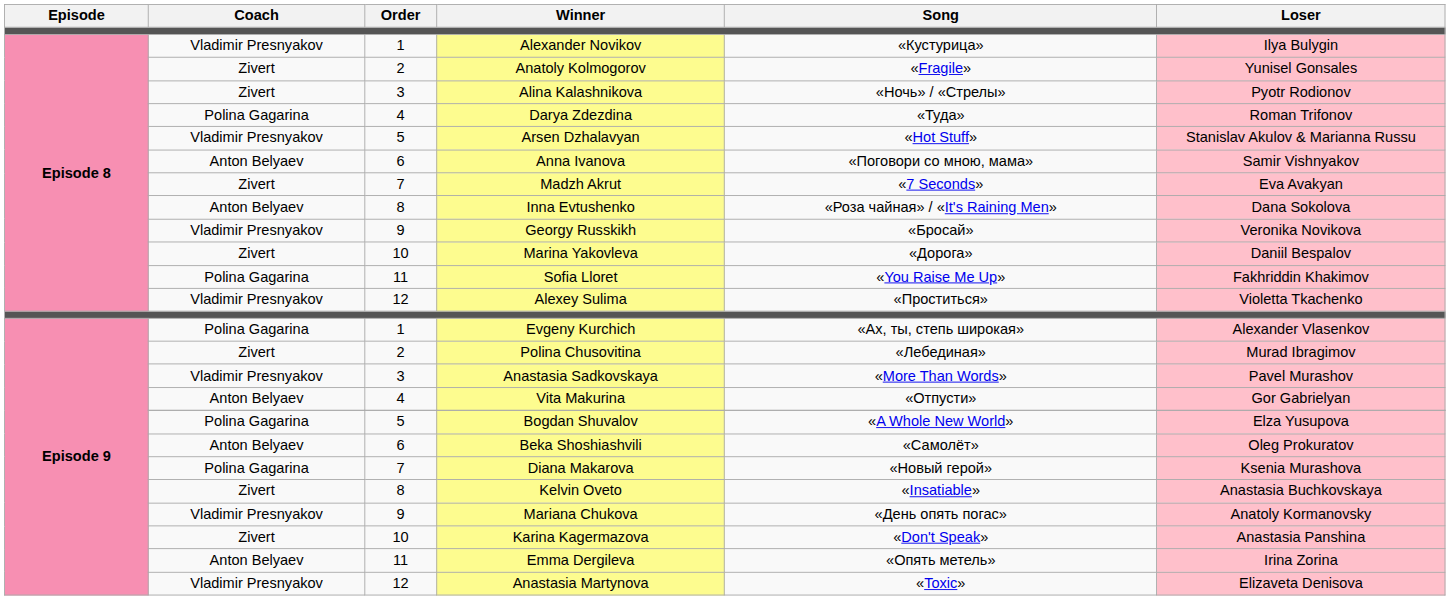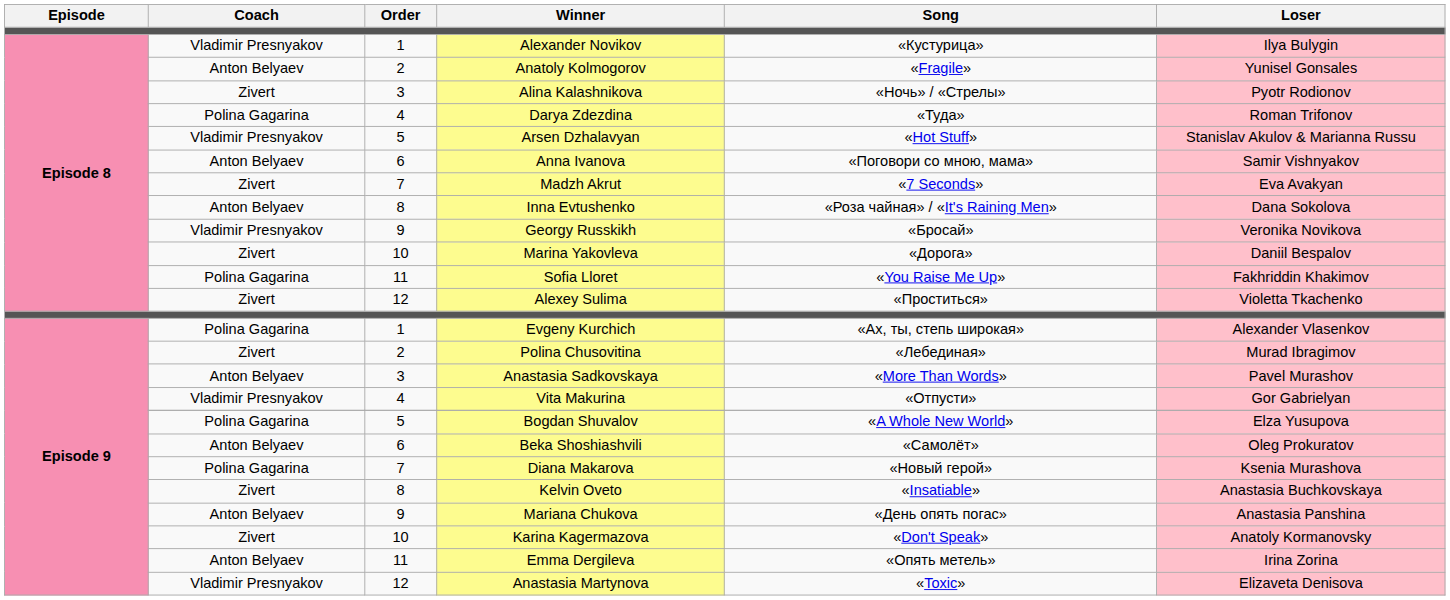 <table class="wikitable" style="text-align: center; width:100%;">
 <tr>
 <th style="width:10%;">Episode</th>
 <th style="width:15%;">Coach</th>
 <th style="width:05%;">Order</th>
 <th style="width:20%;">Winner</th>
 <th style="width:30%;">Song</th>
 <th style="width:20%;">Loser</th>
 </tr>
 <tr>
 <td colspan="6" style="background:#555;"></td>
 </tr>
 <tr>
 <th rowspan=12 style="background:#f78fb2;">Episode 8 <br><small>  </small></th>
 <td>Vladimir Presnyakov</td>
 <td>1</td>
 <td style="background:#fdfc8f;">Alexander Novikov</td>
 <td>«Кустурица»</td>
 <td style="background:pink;">Ilya Bulygin</td>
 </tr>
 <tr>
-<td>Zivert</td>
+<td>Anton Belyaev</td>
 <td>2</td>
 <td style="background:#fdfc8f;">Anatoly Kolmogorov</td>
 <td>«<a href='#'>Fragile</a>»</td>
 <td style="background:pink;">Yunisel Gonsales</td>
 </tr>
 <tr>
 <td>Zivert</td>
 <td>3</td>
 <td style="background:#fdfc8f;">Alina Kalashnikova</td>
 <td>«Ночь» / «Стрелы»</td>
 <td style="background:pink;">Pyotr Rodionov</td>
 </tr>
 <tr>
 <td>Polina Gagarina</td>
 <td>4</td>
 <td style="background:#fdfc8f;">Darya Zdezdina</td>
 <td>«Туда»</td>
 <td style="background:pink;">Roman Trifonov</td>
 </tr>
 <tr>
 <td>Vladimir Presnyakov</td>
 <td>5</td>
 <td style="background:#fdfc8f;">Arsen Dzhalavyan</td>
 <td>«<a href='#'>Hot Stuff</a>»</td>
 <td style="background:pink;">Stanislav Akulov & Marianna Russu</td>
 </tr>
 <tr>
 <td>Anton Belyaev</td>
 <td>6</td>
 <td style="background:#fdfc8f;">Anna Ivanova</td>
 <td>«Поговори со мною, мама»</td>
 <td style="background:pink;">Samir Vishnyakov</td>
 </tr>
 <tr>
 <td>Zivert</td>
 <td>7</td>
 <td style="background:#fdfc8f;">Madzh Akrut</td>
 <td>«<a href='#'>7 Seconds</a>»</td>
 <td style="background:pink;">Eva Avakyan</td>
 </tr>
 <tr>
 <td>Anton Belyaev</td>
 <td>8</td>
 <td style="background:#fdfc8f;">Inna Evtushenko</td>
 <td>«Роза чайная» / «<a href='#'>It's Raining Men</a>»</td>
 <td style="background:pink;">Dana Sokolova</td>
 </tr>
 <tr>
 <td>Vladimir Presnyakov</td>
 <td>9</td>
 <td style="background:#fdfc8f;">Georgy Russkikh</td>
 <td>«Бросай»</td>
 <td style="background:pink;">Veronika Novikova</td>
 </tr>
 <tr>
 <td>Zivert</td>
 <td>10</td>
 <td style="background:#fdfc8f;">Marina Yakovleva</td>
 <td>«Дорога»</td>
 <td style="background:pink;">Daniil Bespalov</td>
 </tr>
 <tr>
 <td>Polina Gagarina</td>
 <td>11</td>
 <td style="background:#fdfc8f;">Sofia Lloret</td>
 <td>«<a href='#'>You Raise Me Up</a>»</td>
 <td style="background:pink;">Fakhriddin Khakimov</td>
 </tr>
 <tr>
-<td>Vladimir Presnyakov</td>
+<td>Zivert</td>
 <td>12</td>
 <td style="background:#fdfc8f;">Alexey Sulima</td>
 <td>«Проститься»</td>
 <td style="background:pink;">Violetta Tkachenko</td>
 </tr>
 <tr>
 <td colspan="6" style="background:#555;"></td>
 </tr>
 <tr>
 <th rowspan=14 style="background:#f78fb2;">Episode 9 <br><small>  </small></th>
 <td>Polina Gagarina</td>
 <td>1</td>
 <td style="background:#fdfc8f;">Evgeny Kurchich</td>
 <td>«Ах, ты, степь широкая»</td>
 <td style="background:pink;">Alexander Vlasenkov</td>
 </tr>
 <tr>
 <td>Zivert</td>
 <td>2</td>
 <td style="background:#fdfc8f;">Polina Chusovitina</td>
 <td>«Лебединая»</td>
 <td style="background:pink;">Murad Ibragimov</td>
 </tr>
 <tr>
-<td>Vladimir Presnyakov</td>
+<td>Anton Belyaev</td>
 <td>3</td>
 <td style="background:#fdfc8f;">Anastasia Sadkovskaya</td>
 <td>«<a href='#'>More Than Words</a>»</td>
 <td style="background:pink;">Pavel Murashov</td>
 </tr>
 <tr>
-<td>Anton Belyaev</td>
+<td>Vladimir Presnyakov</td>
 <td>4</td>
 <td style="background:#fdfc8f;">Vita Makurina</td>
 <td>«Отпусти»</td>
 <td style="background:pink;">Gor Gabrielyan</td>
 </tr>
 <tr>
 </tr>
 <tr>
 <td>Polina Gagarina</td>
 <td>5</td>
 <td style="background:#fdfc8f;">Bogdan Shuvalov</td>
 <td>«<a href='#'>A Whole New World</a>»</td>
 <td style="background:pink;">Elza Yusupova</td>
 </tr>
 <tr>
 <td>Anton Belyaev</td>
 <td>6</td>
 <td style="background:#fdfc8f;">Beka Shoshiashvili</td>
 <td>«Самолёт»</td>
 <td style="background:pink;">Oleg Prokuratov</td>
 </tr>
 <tr>
 <td>Polina Gagarina</td>
 <td>7</td>
 <td style="background:#fdfc8f;">Diana Makarova</td>
 <td>«Новый герой»</td>
 <td style="background:pink;">Ksenia Murashova</td>
 </tr>
 <tr>
 <td>Zivert</td>
 <td>8</td>
 <td style="background:#fdfc8f;">Kelvin Oveto</td>
 <td>«<a href='#'>Insatiable</a>»</td>
 <td style="background:pink;">Anastasia Buchkovskaya</td>
 </tr>
 <tr>
-<td>Vladimir Presnyakov</td>
+<td>Anton Belyaev</td>
 <td>9</td>
 <td style="background:#fdfc8f;">Mariana Chukova</td>
 <td>«День опять погас»</td>
-<td style="background:pink;">Anatoly Kormanovsky</td>
+<td style="background:pink;">Anastasia Panshina</td>
 </tr>
 <tr>
 <td>Zivert</td>
 <td>10</td>
 <td style="background:#fdfc8f;">Karina Kagermazova</td>
 <td>«<a href='#'>Don't Speak</a>»</td>
-<td style="background:pink;">Anastasia Panshina</td>
+<td style="background:pink;">Anatoly Kormanovsky</td>
 </tr>
 <tr>
 <td>Anton Belyaev</td>
 <td>11</td>
 <td style="background:#fdfc8f;">Emma Dergileva</td>
 <td>«Опять метель»</td>
 <td style="background:pink;">Irina Zorina</td>
 </tr>
 <tr>
 <td>Vladimir Presnyakov</td>
 <td>12</td>
 <td style="background:#fdfc8f;">Anastasia Martynova</td>
 <td>«<a href='#'>Toxic</a>»</td>
 <td style="background:pink;">Elizaveta Denisova</td>
 </tr>
 </table>
